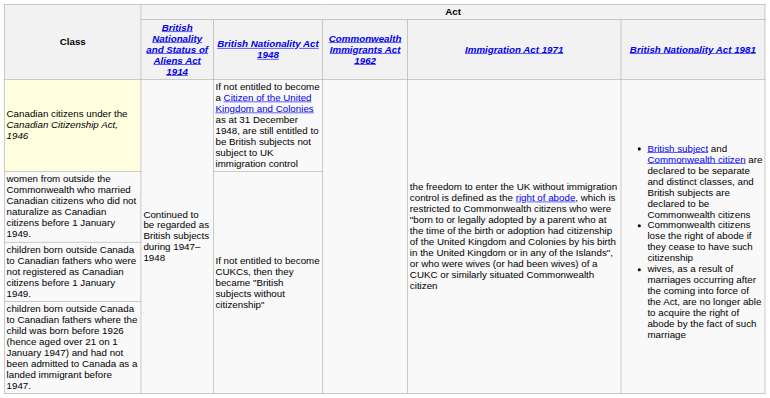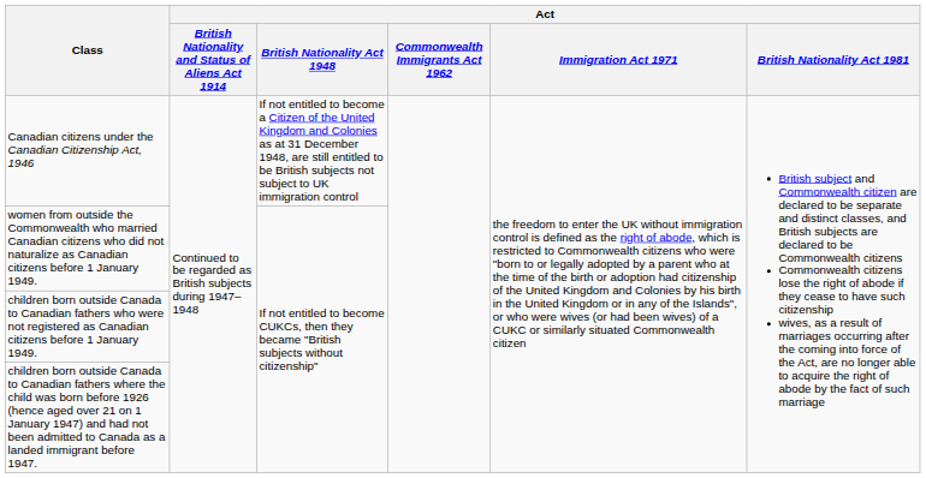 <table class="wikitable">
 <tr>
 <th rowspan="2">Class</th>
 <th colspan="5">Act</th>
 </tr>
 <tr>
 <th><em><a href='#'>British Nationality and Status of Aliens Act 1914</a></em></th>
 <th><em><a href='#'>British Nationality Act 1948</a></em></th>
 <th><em><a href='#'>Commonwealth Immigrants Act 1962</a></em></th>
 <th><em><a href='#'>Immigration Act 1971</a></em></th>
 <th><em><a href='#'>British Nationality Act 1981</a></em></th>
 </tr>
 <tr>
-<td style="background: lightyellow;">Canadian citizens under the <em>Canadian Citizenship Act, 1946</em></td>
+<td>Canadian citizens under the <em>Canadian Citizenship Act, 1946</em></td>
 <td rowspan="4">Continued to be regarded as British subjects during 1947–1948</td>
 <td>If not entitled to become a <a href='#'>Citizen of the United Kingdom and Colonies</a> as at 31 December 1948, are still entitled to be British subjects not subject to UK immigration control</td>
 <td rowspan="4"></td>
 <td rowspan="4">the freedom to enter the UK without immigration control is defined as the <a href='#'>right of abode</a>, which is restricted to Commonwealth citizens who were "born to or legally adopted by a parent who at the time of the birth or adoption had citizenship of the United Kingdom and Colonies by his birth in the United Kingdom or in any of the Islands", or who were wives (or had been wives) of a CUKC or similarly situated Commonwealth citizen</td>
 <td rowspan="4"><br><ul><li><a href='#'>British subject</a> and <a href='#'>Commonwealth citizen</a> are declared to be separate and distinct classes, and British subjects are declared to be Commonwealth citizens</li><li>Commonwealth citizens lose the right of abode if they cease to have such citizenship</li><li>wives, as a result of marriages occurring after the coming into force of the Act, are no longer able to acquire the right of abode by the fact of such marriage</li></ul></td>
 </tr>
 <tr>
 <td>women from outside the Commonwealth who married Canadian citizens who did not naturalize as Canadian citizens before 1 January 1949.</td>
 <td rowspan="3">If not entitled to become CUKCs, then they became "British subjects without citizenship"</td>
 </tr>
 <tr>
 <td>children born outside Canada to Canadian fathers who were not registered as Canadian citizens before 1 January 1949.</td>
 </tr>
 <tr>
 <td>children born outside Canada to Canadian fathers where the child was born before 1926 (hence aged over 21 on 1 January 1947) and had not been admitted to Canada as a landed immigrant before 1947.</td>
 </tr>
 </table>
